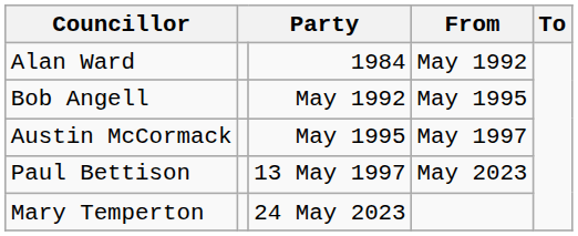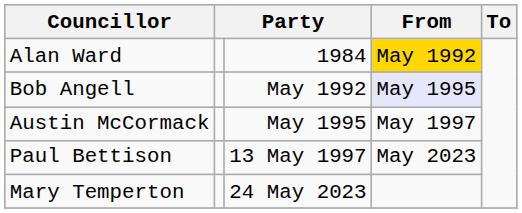 <table class=wikitable>
 <tr>
 <th>Councillor</th>
 <th colspan=2>Party</th>
 <th>From</th>
 <th>To</th>
 </tr>
 <tr>
 <td>Alan Ward</td>
 <td></td>
 <td align=right>1984</td>
-<td align=right>May 1992</td>
+<td align=right style="background: gold;">May 1992</td>
 </tr>
 <tr>
 <td>Bob Angell</td>
 <td></td>
 <td align=right>May 1992</td>
-<td align=right>May 1995</td>
+<td align=right style="background: lavender;">May 1995</td>
 </tr>
 <tr>
 <td>Austin McCormack</td>
 <td></td>
 <td align=right>May 1995</td>
 <td align=right>May 1997</td>
 </tr>
 <tr>
 <td>Paul Bettison</td>
 <td></td>
 <td align=right>13 May 1997</td>
 <td align=right>May 2023</td>
 </tr>
 <tr>
 <td>Mary Temperton</td>
 <td></td>
 <td align=right>24 May 2023</td>
 <td></td>
 </tr>
 </table>
